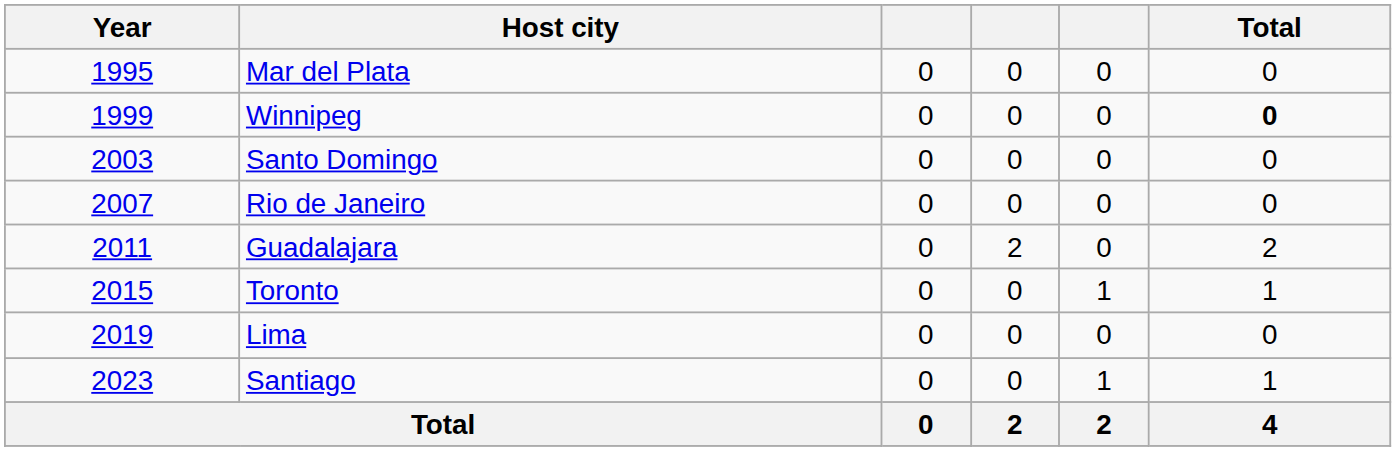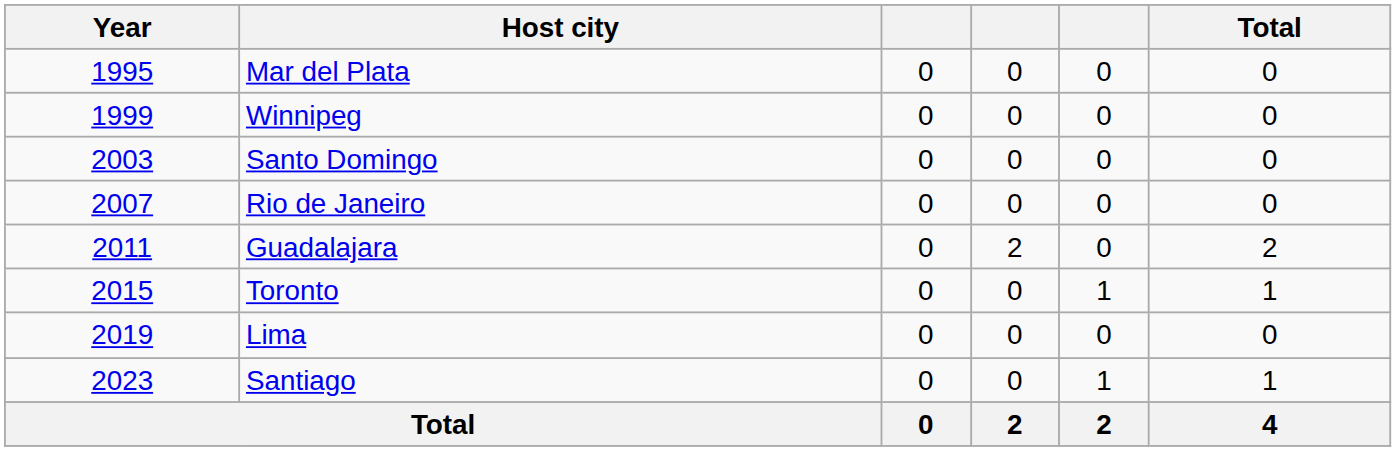 <table class="wikitable sortable" style=" text-align:center; font-size:95%;" width="60%">
 <tr>
 <th>Year</th>
 <th>Host city</th>
 <th></th>
 <th></th>
 <th></th>
 <th>Total</th>
 </tr>
 <tr>
 <td><a href='#'>1995</a></td>
 <td align=left> <a href='#'>Mar del Plata</a></td>
 <td>0</td>
 <td>0</td>
 <td>0</td>
 <td>0</td>
 </tr>
 <tr>
 <td><a href='#'>1999</a></td>
 <td align=left> <a href='#'>Winnipeg</a></td>
 <td>0</td>
 <td>0</td>
 <td>0</td>
-<td><strong>0</strong></td>
+<td>0</td>
 </tr>
 <tr>
 <td><a href='#'>2003</a></td>
 <td align=left> <a href='#'>Santo Domingo</a></td>
 <td>0</td>
 <td>0</td>
 <td>0</td>
 <td>0</td>
 </tr>
 <tr>
 <td><a href='#'>2007</a></td>
 <td align=left> <a href='#'>Rio de Janeiro</a></td>
 <td>0</td>
 <td>0</td>
 <td>0</td>
 <td>0</td>
 </tr>
 <tr>
 <td><a href='#'>2011</a></td>
 <td align=left> <a href='#'>Guadalajara</a></td>
 <td>0</td>
 <td>2</td>
 <td>0</td>
 <td>2</td>
 </tr>
 <tr>
 <td><a href='#'>2015</a></td>
 <td align=left> <a href='#'>Toronto</a></td>
 <td>0</td>
 <td>0</td>
 <td>1</td>
 <td>1</td>
 </tr>
 <tr>
 <td><a href='#'>2019</a></td>
 <td align=left> <a href='#'>Lima</a></td>
 <td>0</td>
 <td>0</td>
 <td>0</td>
 <td>0</td>
 </tr>
 <tr>
 <td><a href='#'>2023</a></td>
 <td align=left> <a href='#'>Santiago</a></td>
 <td>0</td>
 <td>0</td>
 <td>1</td>
 <td>1</td>
 </tr>
 <tr>
 <th colspan="2">Total</th>
 <th>0</th>
 <th>2</th>
 <th>2</th>
 <th>4</th>
 </tr>
 </table>
